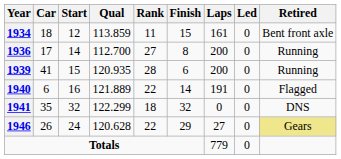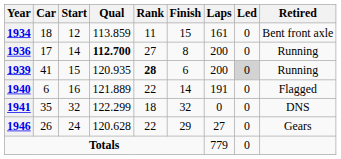 <table class="wikitable" style="text-align:center">
 <tr>
 <th>Year</th>
 <th>Car</th>
 <th>Start</th>
 <th>Qual</th>
 <th>Rank</th>
 <th>Finish</th>
 <th>Laps</th>
 <th>Led</th>
 <th>Retired</th>
 </tr>
 <tr>
 <th><a href='#'>1934</a></th>
 <td>18</td>
 <td>12</td>
 <td>113.859</td>
 <td>11</td>
 <td>15</td>
 <td>161</td>
 <td>0</td>
 <td>Bent front axle</td>
 </tr>
 <tr>
 <th><a href='#'>1936</a></th>
 <td>17</td>
 <td>14</td>
-<td>112.700</td>
+<td><strong>112.700</strong></td>
 <td>27</td>
 <td>8</td>
 <td>200</td>
 <td>0</td>
 <td>Running</td>
 </tr>
 <tr>
 <th><a href='#'>1939</a></th>
 <td>41</td>
 <td>15</td>
 <td>120.935</td>
-<td>28</td>
+<td><strong>28</strong></td>
 <td>6</td>
 <td>200</td>
-<td>0</td>
+<td style="background: lightgrey;">0</td>
 <td>Running</td>
 </tr>
 <tr>
 <th><a href='#'>1940</a></th>
 <td>6</td>
 <td>16</td>
 <td>121.889</td>
 <td>22</td>
 <td>14</td>
 <td>191</td>
 <td>0</td>
 <td>Flagged</td>
 </tr>
 <tr>
 <th><a href='#'>1941</a></th>
 <td>35</td>
 <td>32</td>
 <td>122.299</td>
 <td>18</td>
 <td>32</td>
 <td>0</td>
 <td>0</td>
 <td>DNS</td>
 </tr>
 <tr>
 <th><a href='#'>1946</a></th>
 <td>26</td>
 <td>24</td>
 <td>120.628</td>
 <td>22</td>
 <td>29</td>
 <td>27</td>
 <td>0</td>
-<td style="background: khaki;">Gears</td>
+<td>Gears</td>
 </tr>
 <tr>
 <td colspan=6><strong>Totals</strong></td>
 <td>779</td>
 <td>0</td>
 <td></td>
 </tr>
 </table>
